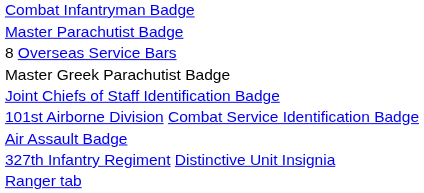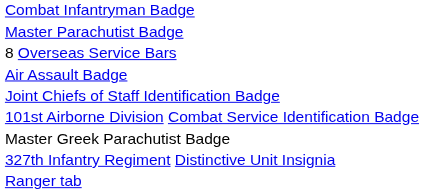 <table>
 <tr>
 <td> <a href='#'>Combat Infantryman Badge</a></td>
 </tr>
 <tr>
 <td> <a href='#'>Master Parachutist Badge</a></td>
 </tr>
 <tr>
 <td> 8 <a href='#'>Overseas Service Bars</a></td>
 </tr>
 <tr>
-<td> Master Greek Parachutist Badge</td>
+<td> <a href='#'>Air Assault Badge</a></td>
 </tr>
 <tr>
 <td> <a href='#'>Joint Chiefs of Staff Identification Badge</a></td>
 </tr>
 <tr>
 <td> <a href='#'>101st Airborne Division</a> <a href='#'>Combat Service Identification Badge</a></td>
 </tr>
 <tr>
-<td> <a href='#'>Air Assault Badge</a></td>
+<td> Master Greek Parachutist Badge</td>
 </tr>
 <tr>
 <td> <a href='#'>327th Infantry Regiment</a> <a href='#'>Distinctive Unit Insignia</a></td>
 </tr>
 <tr>
 <td> <a href='#'>Ranger tab</a></td>
 </tr>
 </table>
